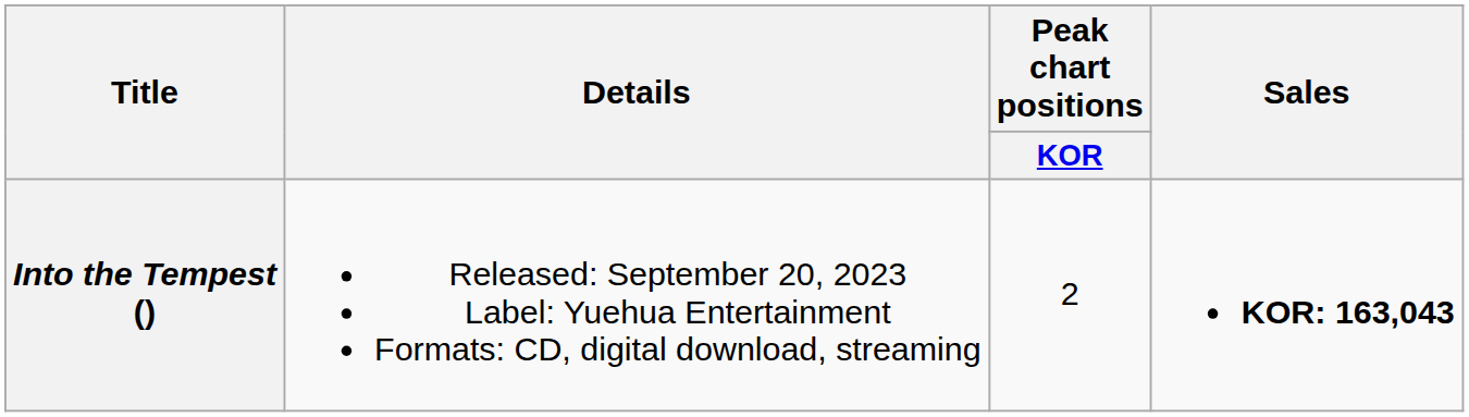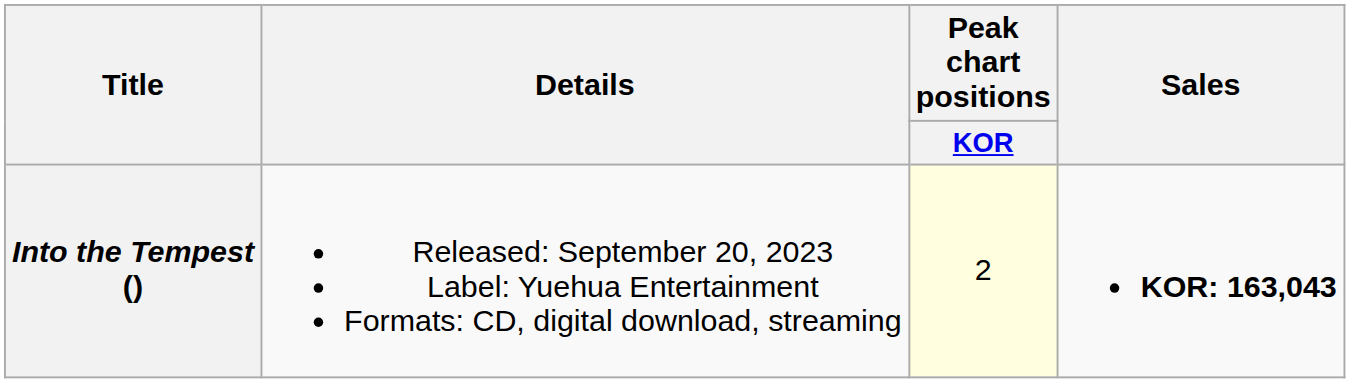 <table class="wikitable plainrowheaders" style="text-align:center">
 <tr>
 <th scope="col" rowspan="2">Title</th>
 <th scope="col" rowspan="2">Details</th>
 <th scope="col" colspan="1">Peak chart positions</th>
 <th scope="col" rowspan="2">Sales</th>
 </tr>
 <tr>
 <th scope="col" style="font-size:90%; width:2.5em"><a href='#'>KOR</a><br></th>
 </tr>
 <tr>
 <th scope="row"><em>Into the Tempest</em><br>()</th>
 <td><br><ul><li>Released: September 20, 2023</li><li>Label: Yuehua Entertainment</li><li>Formats: CD, digital download, streaming</li></ul></td>
-<td>2</td>
+<td style="background: lightyellow;">2</td>
 <td><strong><br><ul><li>KOR: 163,043</li></ul></strong></td>
 </tr>
 </table>
